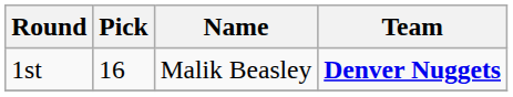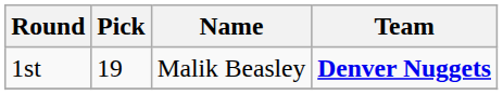 <table class="wikitable" style="font-size: 95%;">
 <tr>
 <th>Round</th>
 <th>Pick</th>
 <th>Name</th>
 <th>Team</th>
 </tr>
 <tr>
 <td>1st</td>
-<td>16</td>
+<td>19</td>
 <td>Malik Beasley</td>
 <td><strong><a href='#'>Denver Nuggets</a></strong></td>
 </tr>
 <tr>
 </tr>
 </table>
